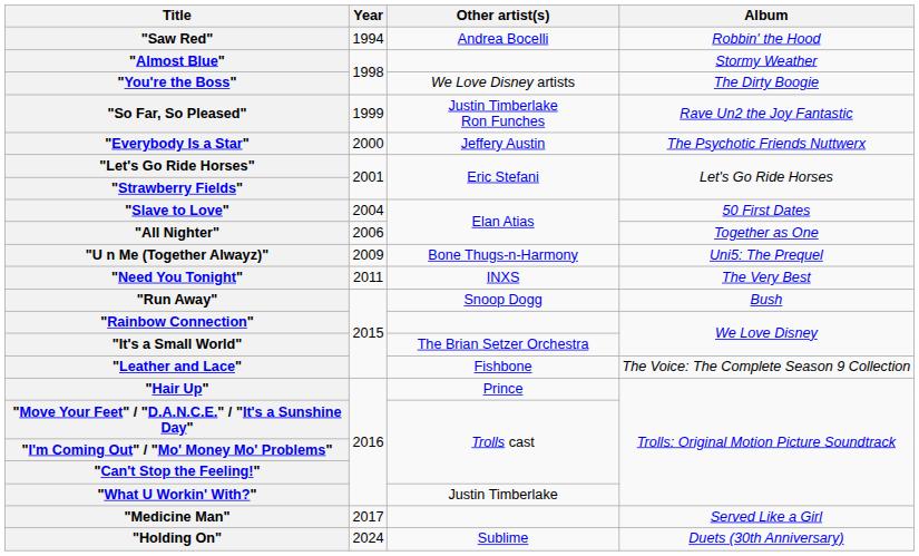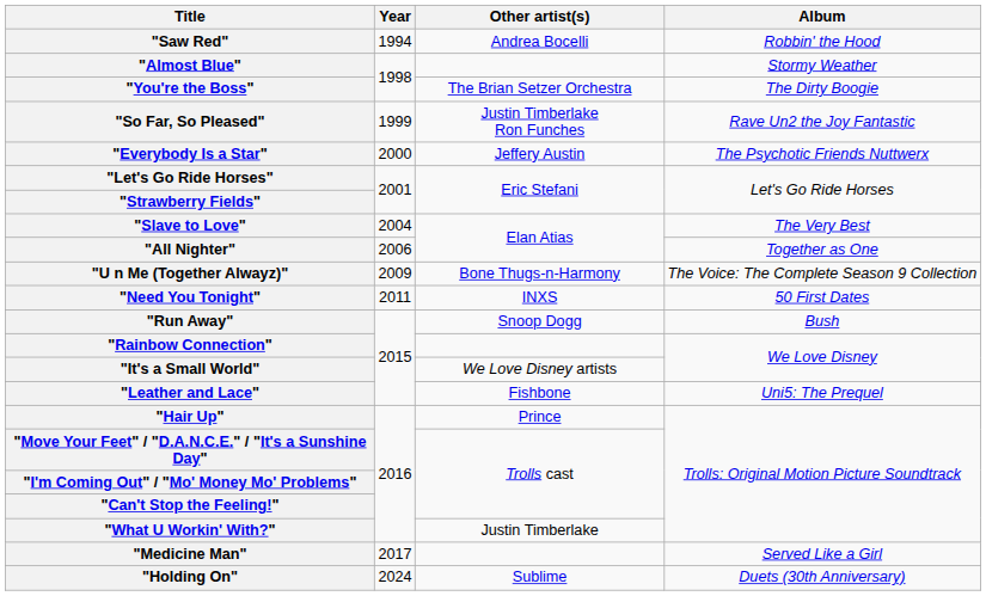 <table class="wikitable plainrowheaders" style="text-align:center;">
 <tr>
 <th scope="col" style="width:24em;">Title</th>
 <th scope="col">Year</th>
 <th scope="col" style="width:16em;">Other artist(s)</th>
 <th scope="col">Album</th>
 </tr>
 <tr>
 <th scope="row">"Saw Red"</th>
 <td>1994</td>
 <td><a href='#'>Andrea Bocelli</a></td>
 <td><em><a href='#'>Robbin' the Hood</a></em></td>
 </tr>
 <tr>
 <th scope="row">"<a href='#'>Almost Blue</a>"</th>
 <td rowspan="2">1998</td>
 <td></td>
 <td><em><a href='#'>Stormy Weather</a></em></td>
 </tr>
 <tr>
 <th scope="row">"<a href='#'>You're the Boss</a>"</th>
-<td><em>We Love Disney</em> artists</td>
+<td><a href='#'>The Brian Setzer Orchestra</a></td>
 <td><em><a href='#'>The Dirty Boogie</a></em></td>
 </tr>
 <tr>
 <th scope="row">"So Far, So Pleased"</th>
 <td>1999</td>
 <td><a href='#'>Justin Timberlake</a><br><a href='#'>Ron Funches</a></td>
 <td><em><a href='#'>Rave Un2 the Joy Fantastic</a></em></td>
 </tr>
 <tr>
 <th scope="row">"<a href='#'>Everybody Is a Star</a>"</th>
 <td>2000</td>
 <td><a href='#'>Jeffery Austin</a></td>
 <td><em><a href='#'>The Psychotic Friends Nuttwerx</a></em></td>
 </tr>
 <tr>
 <th scope="row">"Let's Go Ride Horses"</th>
 <td rowspan="2">2001</td>
 <td rowspan="2"><a href='#'>Eric Stefani</a></td>
 <td rowspan="2"><em>Let's Go Ride Horses</em></td>
 </tr>
 <tr>
 <th scope="row">"<a href='#'>Strawberry Fields</a>"</th>
 </tr>
 <tr>
 <th scope="row">"<a href='#'>Slave to Love</a>"</th>
 <td>2004</td>
 <td rowspan="2"><a href='#'>Elan Atias</a></td>
-<td><em><a href='#'>50 First Dates</a></em></td>
+<td><em><a href='#'>The Very Best</a></em></td>
 </tr>
 <tr>
 <th scope="row">"All Nighter"</th>
 <td>2006</td>
 <td><em><a href='#'>Together as One</a></em></td>
 </tr>
 <tr>
 <th scope="row">"U n Me (Together Alwayz)"</th>
 <td>2009</td>
 <td><a href='#'>Bone Thugs-n-Harmony</a></td>
-<td><em><a href='#'>Uni5: The Prequel</a></em></td>
+<td><em>The Voice: The Complete Season 9 Collection</em></td>
 </tr>
 <tr>
 <th scope="row">"<a href='#'>Need You Tonight</a>"</th>
 <td>2011</td>
 <td><a href='#'>INXS</a></td>
-<td><em><a href='#'>The Very Best</a></em></td>
+<td><em><a href='#'>50 First Dates</a></em></td>
 </tr>
 <tr>
 <th scope="row">"Run Away"</th>
 <td rowspan="4">2015</td>
 <td><a href='#'>Snoop Dogg</a></td>
 <td><em><a href='#'>Bush</a></em></td>
 </tr>
 <tr>
 <th scope="row">"<a href='#'>Rainbow Connection</a>"</th>
 <td></td>
 <td rowspan="2"><em><a href='#'>We Love Disney</a></em></td>
 </tr>
 <tr>
 <th scope="row">"It's a Small World"</th>
-<td><a href='#'>The Brian Setzer Orchestra</a></td>
+<td><em>We Love Disney</em> artists</td>
 </tr>
 <tr>
 <th scope="row">"<a href='#'>Leather and Lace</a>"</th>
 <td><a href='#'>Fishbone</a></td>
-<td><em>The Voice: The Complete Season 9 Collection</em></td>
+<td><em><a href='#'>Uni5: The Prequel</a></em></td>
 </tr>
 <tr>
 <th scope="row">"<a href='#'>Hair Up</a>"</th>
 <td rowspan="5">2016</td>
 <td><a href='#'>Prince</a></td>
 <td rowspan="5"><em><a href='#'>Trolls: Original Motion Picture Soundtrack</a></em></td>
 </tr>
 <tr>
 <th scope="row">"<a href='#'>Move Your Feet</a>" / "<a href='#'>D.A.N.C.E.</a>" / "<a href='#'>It's a Sunshine Day</a>"</th>
 <td rowspan="3"><em><a href='#'>Trolls</a></em> cast</td>
 </tr>
 <tr>
 <th scope="row">"<a href='#'>I'm Coming Out</a>" / "<a href='#'>Mo' Money Mo' Problems</a>"</th>
 </tr>
 <tr>
 <th scope="row">"<a href='#'>Can't Stop the Feeling!</a>" </th>
 </tr>
 <tr>
 <th scope="row">"<a href='#'>What U Workin' With?</a>"</th>
 <td>Justin Timberlake</td>
 </tr>
 <tr>
 <th scope="row">"Medicine Man"</th>
 <td>2017</td>
 <td></td>
 <td><em><a href='#'>Served Like a Girl</a></em></td>
 </tr>
 <tr>
 <th scope="row">"Holding On"</th>
 <td>2024</td>
 <td><a href='#'>Sublime</a></td>
 <td><em><a href='#'>Duets (30th Anniversary)</a></em></td>
 </tr>
 </table>
